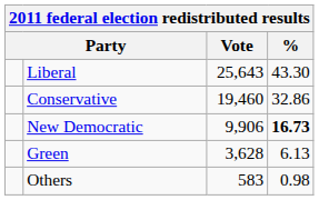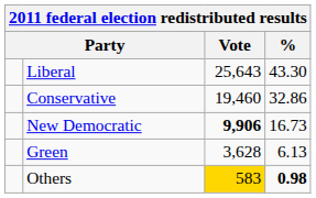 <table class="wikitable">
 <tr>
 <th colspan="4"><a href='#'>2011 federal election</a> redistributed results</th>
 </tr>
 <tr>
 <th bgcolor="#DDDDFF" width="130px" colspan="2">Party</th>
 <th bgcolor="#DDDDFF" width="50px">Vote</th>
 <th bgcolor="#DDDDFF" width="30px">%</th>
 </tr>
 <tr>
 <td> </td>
 <td><a href='#'>Liberal</a></td>
 <td align=right>25,643</td>
 <td align=right>43.30</td>
 </tr>
 <tr>
 <td> </td>
 <td><a href='#'>Conservative</a></td>
 <td align=right>19,460</td>
 <td align=right>32.86</td>
 </tr>
 <tr>
 <td> </td>
 <td><a href='#'>New Democratic</a></td>
-<td align=right>9,906</td>
-<td align=right><strong>16.73</strong></td>
+<td align=right><strong>9,906</strong></td>
+<td align=right>16.73</td>
 </tr>
 <tr>
 <td> </td>
 <td><a href='#'>Green</a></td>
 <td align=right>3,628</td>
 <td align=right>6.13</td>
 </tr>
 <tr>
 <td> </td>
 <td>Others</td>
-<td align=right>583</td>
-<td align=right>0.98</td>
+<td align=right style="background: gold;">583</td>
+<td align=right><strong>0.98</strong></td>
 </tr>
 </table>
